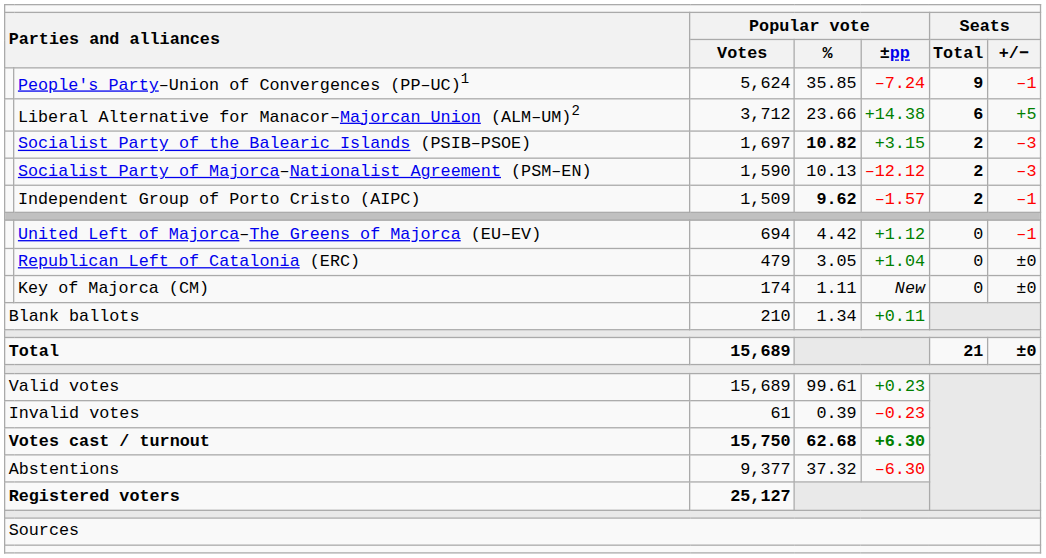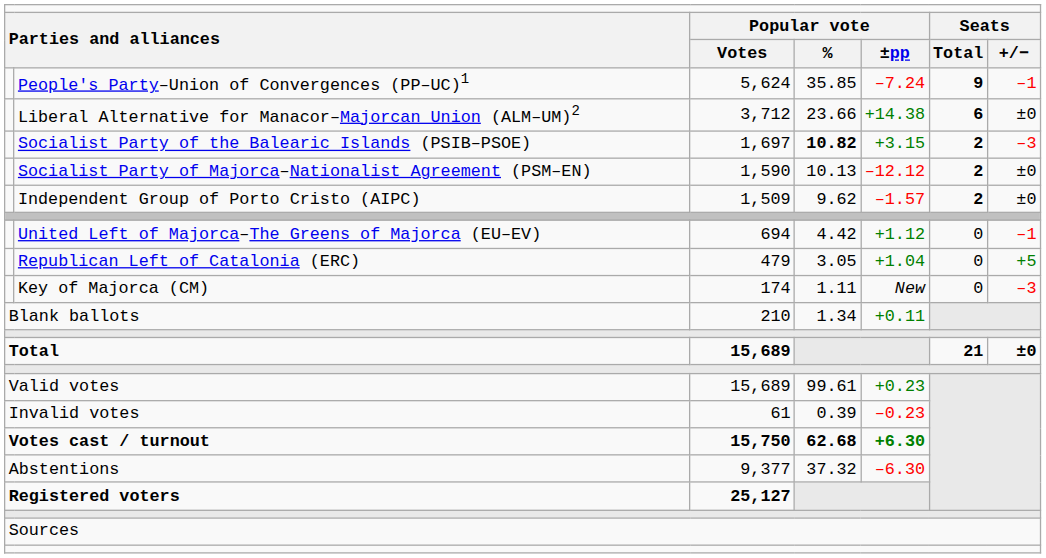 <table class="wikitable" style="text-align:right;">
 <tr>
 <td colspan="7"></td>
 </tr>
 <tr>
 <th style="text-align:left;" rowspan="2" colspan="2" width="525">Parties and alliances</th>
 <th colspan="3">Popular vote</th>
 <th colspan="2">Seats</th>
 </tr>
 <tr>
 <th width="75">Votes</th>
 <th width="45">%</th>
 <th width="45">±<a href='#'>pp</a></th>
 <th width="35">Total</th>
 <th width="35">+/−</th>
 </tr>
 <tr>
 <td width="1" style="color:inherit;background:"></td>
 <td align="left"><a href='#'>People's Party</a>–Union of Convergences (PP–UC)<sup>1</sup></td>
 <td>5,624</td>
 <td>35.85</td>
 <td style="color:red;">–7.24</td>
 <td><strong>9</strong></td>
 <td style="color:red;">–1</td>
 </tr>
 <tr>
 <td style="color:inherit;background:"></td>
 <td align="left">Liberal Alternative for Manacor–<a href='#'>Majorcan Union</a> (ALM–UM)<sup>2</sup></td>
 <td>3,712</td>
 <td>23.66</td>
 <td style="color:green;">+14.38</td>
 <td><strong>6</strong></td>
-<td style="color:green;">+5</td>
+<td>±0</td>
 </tr>
 <tr>
 <td style="color:inherit;background:"></td>
 <td align="left"><a href='#'>Socialist Party of the Balearic Islands</a> (PSIB–PSOE)</td>
 <td>1,697</td>
 <td><strong>10.82</strong></td>
 <td style="color:green;">+3.15</td>
 <td><strong>2</strong></td>
 <td style="color:red;">–3</td>
 </tr>
 <tr>
 <td style="color:inherit;background:"></td>
 <td align="left"><a href='#'>Socialist Party of Majorca</a>–<a href='#'>Nationalist Agreement</a> (PSM–EN)</td>
 <td>1,590</td>
 <td>10.13</td>
 <td style="color:red;">–12.12</td>
 <td><strong>2</strong></td>
-<td style="color:red;">–3</td>
+<td>±0</td>
 </tr>
 <tr>
 <td style="color:inherit;background:"></td>
 <td align="left">Independent Group of Porto Cristo (AIPC)</td>
 <td>1,509</td>
-<td><strong>9.62</strong></td>
+<td>9.62</td>
 <td style="color:red;">–1.57</td>
 <td><strong>2</strong></td>
-<td style="color:red;">–1</td>
+<td>±0</td>
 </tr>
 <tr>
 <td colspan="7" bgcolor="#C0C0C0"></td>
 </tr>
 <tr>
 <td style="color:inherit;background:"></td>
 <td align="left"><a href='#'>United Left of Majorca</a>–<a href='#'>The Greens of Majorca</a> (EU–EV)</td>
 <td>694</td>
 <td>4.42</td>
 <td style="color:green;">+1.12</td>
 <td>0</td>
 <td style="color:red;">–1</td>
 </tr>
 <tr>
 <td style="color:inherit;background:"></td>
 <td align="left"><a href='#'>Republican Left of Catalonia</a> (ERC)</td>
 <td>479</td>
 <td>3.05</td>
 <td style="color:green;">+1.04</td>
 <td>0</td>
-<td>±0</td>
+<td style="color:green;">+5</td>
 </tr>
 <tr>
 <td style="color:inherit;background:"></td>
 <td align="left">Key of Majorca (CM)</td>
 <td>174</td>
 <td>1.11</td>
 <td><em>New</em></td>
 <td>0</td>
-<td>±0</td>
+<td style="color:red;">–3</td>
 </tr>
 <tr>
 <td align="left" colspan="2">Blank ballots</td>
 <td>210</td>
 <td>1.34</td>
 <td style="color:green;">+0.11</td>
 <td bgcolor="#E9E9E9" colspan="2"></td>
 </tr>
 <tr>
 <td colspan="7" bgcolor="#E9E9E9"></td>
 </tr>
 <tr style="font-weight:bold;">
 <td align="left" colspan="2">Total</td>
 <td>15,689</td>
 <td bgcolor="#E9E9E9" colspan="2"></td>
 <td>21</td>
 <td>±0</td>
 </tr>
 <tr>
 <td colspan="7" bgcolor="#E9E9E9"></td>
 </tr>
 <tr>
 <td align="left" colspan="2">Valid votes</td>
 <td>15,689</td>
 <td>99.61</td>
 <td style="color:green;">+0.23</td>
 <td bgcolor="#E9E9E9" colspan="2" rowspan="5"></td>
 </tr>
 <tr>
 <td align="left" colspan="2">Invalid votes</td>
 <td>61</td>
 <td>0.39</td>
 <td style="color:red;">–0.23</td>
 </tr>
 <tr style="font-weight:bold;">
 <td align="left" colspan="2">Votes cast / turnout</td>
 <td>15,750</td>
 <td>62.68</td>
 <td style="color:green;">+6.30</td>
 </tr>
 <tr>
 <td align="left" colspan="2">Abstentions</td>
 <td>9,377</td>
 <td>37.32</td>
 <td style="color:red;">–6.30</td>
 </tr>
 <tr style="font-weight:bold;">
 <td align="left" colspan="2">Registered voters</td>
 <td>25,127</td>
 <td bgcolor="#E9E9E9" colspan="2"></td>
 </tr>
 <tr>
 <td colspan="7" bgcolor="#E9E9E9"></td>
 </tr>
 <tr>
 <td align="left" colspan="7">Sources</td>
 </tr>
 <tr>
 <td colspan="7" style="text-align:left; max-width:790px;"></td>
 </tr>
 </table>
